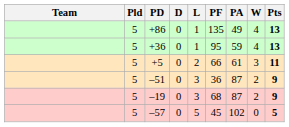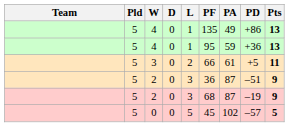 <table class="wikitable" style="text-align:center;">
 <tr>
 <th width=175>Team</th>
 <th width=20 abbr="Played">Pld</th>
-<th width=30 abbr="Points difference">PD</th>
+<th width=20 abbr="Won">W</th>
 <th width=20 abbr="Drawn">D</th>
 <th width=20 abbr="Lost">L</th>
 <th width=20 abbr="Points for">PF</th>
 <th width=20 abbr="Points against">PA</th>
-<th width=20 abbr="Won">W</th>
+<th width=30 abbr="Points difference">PD</th>
 <th width=20 abbr="Points">Pts</th>
 </tr>
 <tr style="background:#ccffcc">
 <td align=left></td>
 <td>5</td>
-<td>+86</td>
+<td>4</td>
 <td>0</td>
 <td>1</td>
 <td>135</td>
 <td>49</td>
-<td>4</td>
+<td>+86</td>
 <td><strong>13</strong></td>
 </tr>
 <tr style="background:#ccffcc">
 <td align=left></td>
 <td>5</td>
-<td>+36</td>
+<td>4</td>
 <td>0</td>
 <td>1</td>
 <td>95</td>
 <td>59</td>
-<td>4</td>
+<td>+36</td>
 <td><strong>13</strong></td>
 </tr>
 <tr style="background:#ffe6bd">
 <td align=left></td>
 <td>5</td>
-<td>+5</td>
+<td>3</td>
 <td>0</td>
 <td>2</td>
 <td>66</td>
 <td>61</td>
-<td>3</td>
+<td>+5</td>
 <td><strong>11</strong></td>
 </tr>
 <tr style="background:#ffe6bd">
 <td align=left></td>
 <td>5</td>
-<td>–51</td>
+<td>2</td>
 <td>0</td>
 <td>3</td>
 <td>36</td>
 <td>87</td>
-<td>2</td>
+<td>–51</td>
 <td><strong>9</strong></td>
 </tr>
 <tr style="background:#fcc">
 <td align=left></td>
 <td>5</td>
-<td>–19</td>
+<td>2</td>
 <td>0</td>
 <td>3</td>
 <td>68</td>
 <td>87</td>
-<td>2</td>
+<td>–19</td>
 <td><strong>9</strong></td>
 </tr>
 <tr style="background:#fcc">
 <td align=left></td>
 <td>5</td>
-<td>–57</td>
+<td>0</td>
 <td>0</td>
 <td>5</td>
 <td>45</td>
 <td>102</td>
-<td>0</td>
+<td>–57</td>
 <td><strong>5</strong></td>
 </tr>
 </table>
